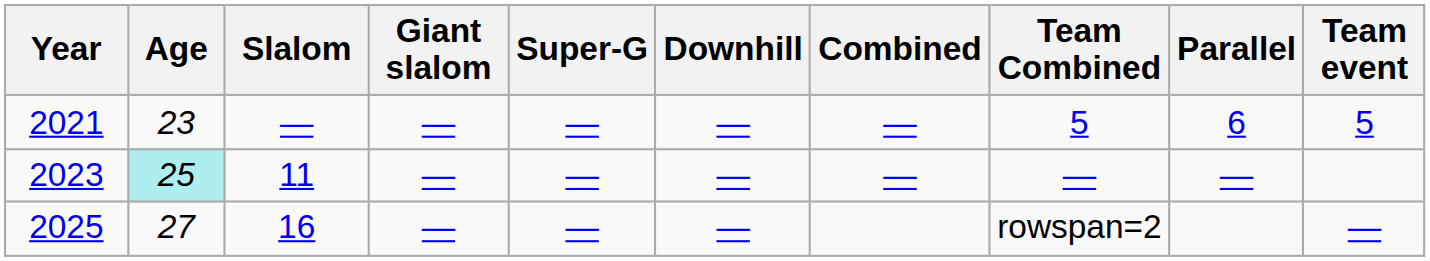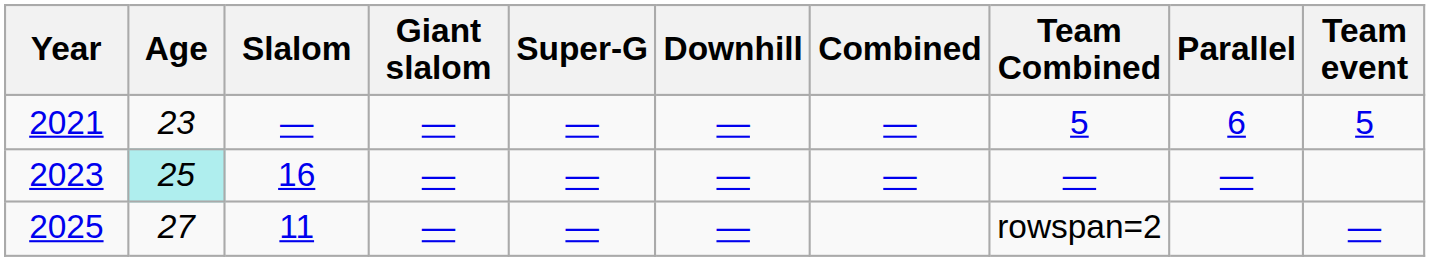 <table class=wikitable style="text-align:center">
 <tr>
 <th>  Year  </th>
 <th> Age </th>
 <th> Slalom </th>
 <th> Giant <br> slalom </th>
 <th>Super-G</th>
 <th>Downhill</th>
 <th>Combined</th>
 <th>Team<br>Combined</th>
 <th>Parallel</th>
 <th>Team<br> event </th>
 </tr>
 <tr>
 <td><a href='#'>2021</a></td>
 <td><em>23</em></td>
 <td><a href='#'>—</a></td>
 <td><a href='#'>—</a></td>
 <td><a href='#'>—</a></td>
 <td><a href='#'>—</a></td>
 <td><a href='#'>—</a></td>
 <td><a href='#'>5</a></td>
 <td><a href='#'>6</a></td>
 <td><a href='#'>5</a></td>
 </tr>
 <tr>
 <td><a href='#'>2023</a></td>
 <td style="background: paleturquoise;"><em>25</em></td>
-<td><a href='#'>11</a></td>
+<td><a href='#'>16</a></td>
 <td><a href='#'>—</a></td>
 <td><a href='#'>—</a></td>
 <td><a href='#'>—</a></td>
 <td><a href='#'>—</a></td>
 <td><a href='#'>—</a></td>
 <td><a href='#'>—</a></td>
 </tr>
 <tr>
 <td><a href='#'>2025</a></td>
 <td><em>27</em></td>
-<td><a href='#'>16</a></td>
+<td><a href='#'>11</a></td>
 <td><a href='#'>—</a></td>
 <td><a href='#'>—</a></td>
 <td><a href='#'>—</a></td>
 <td></td>
 <td>rowspan=2</td>
 <td></td>
 <td><a href='#'>—</a></td>
 </tr>
 </table>
